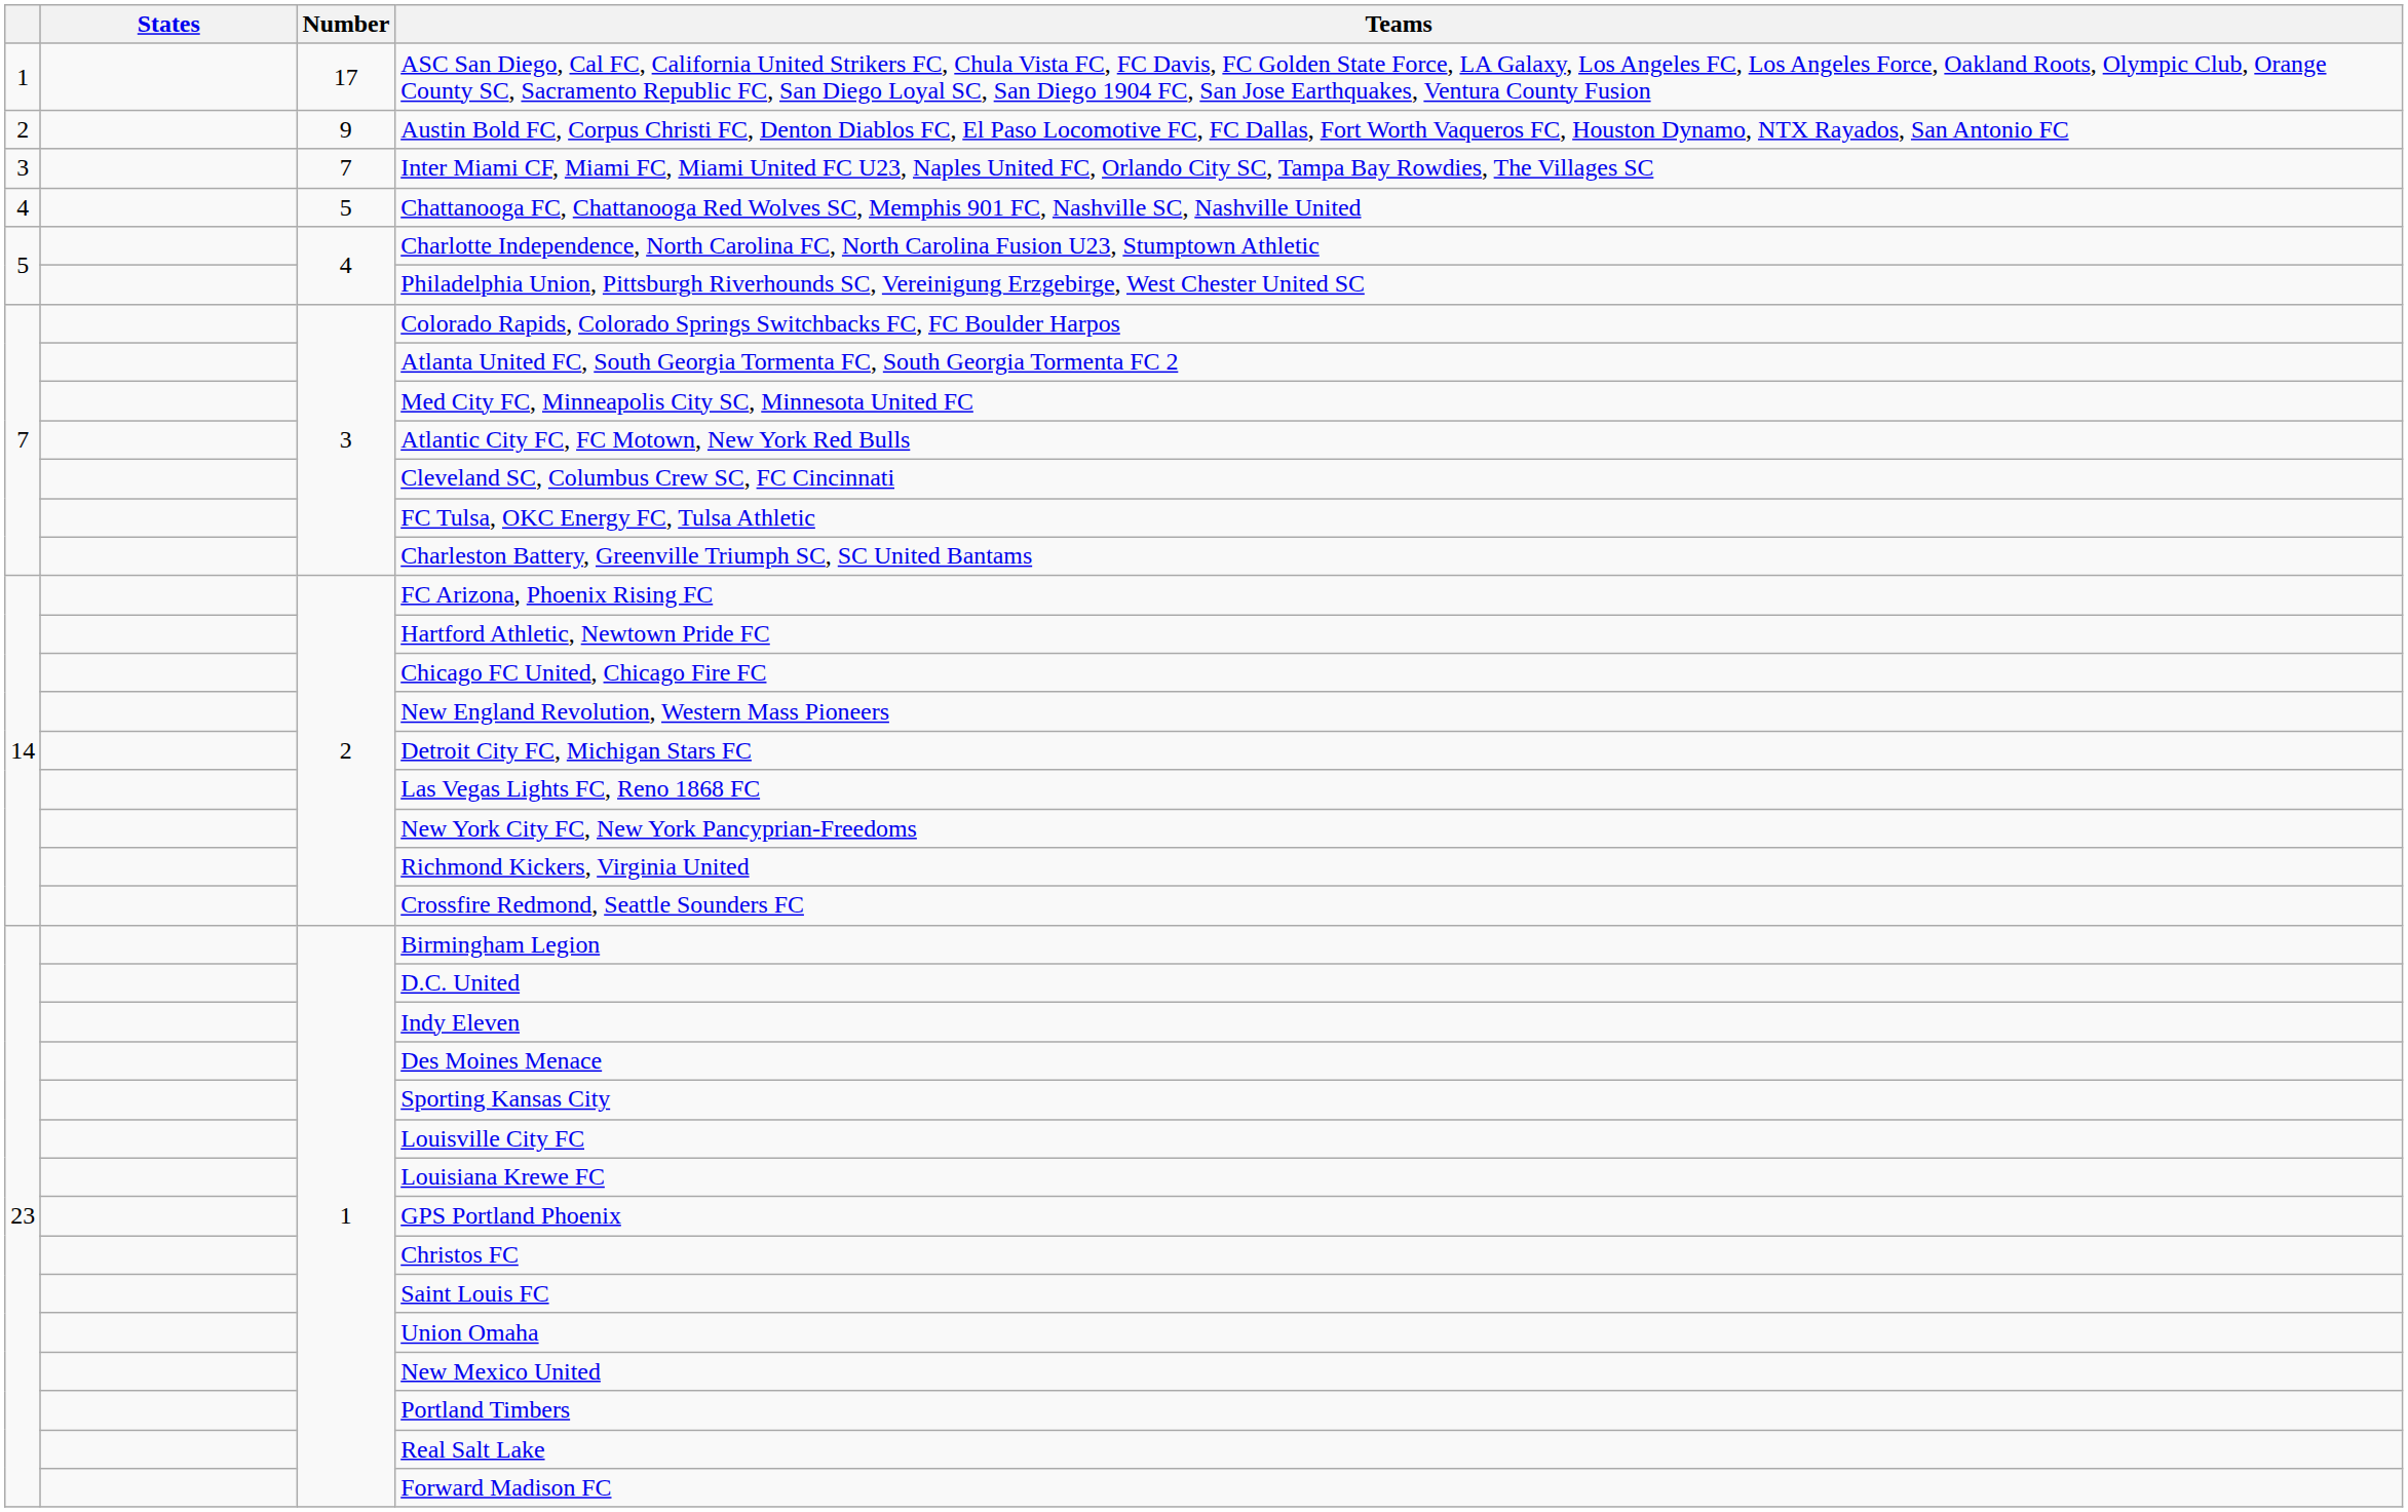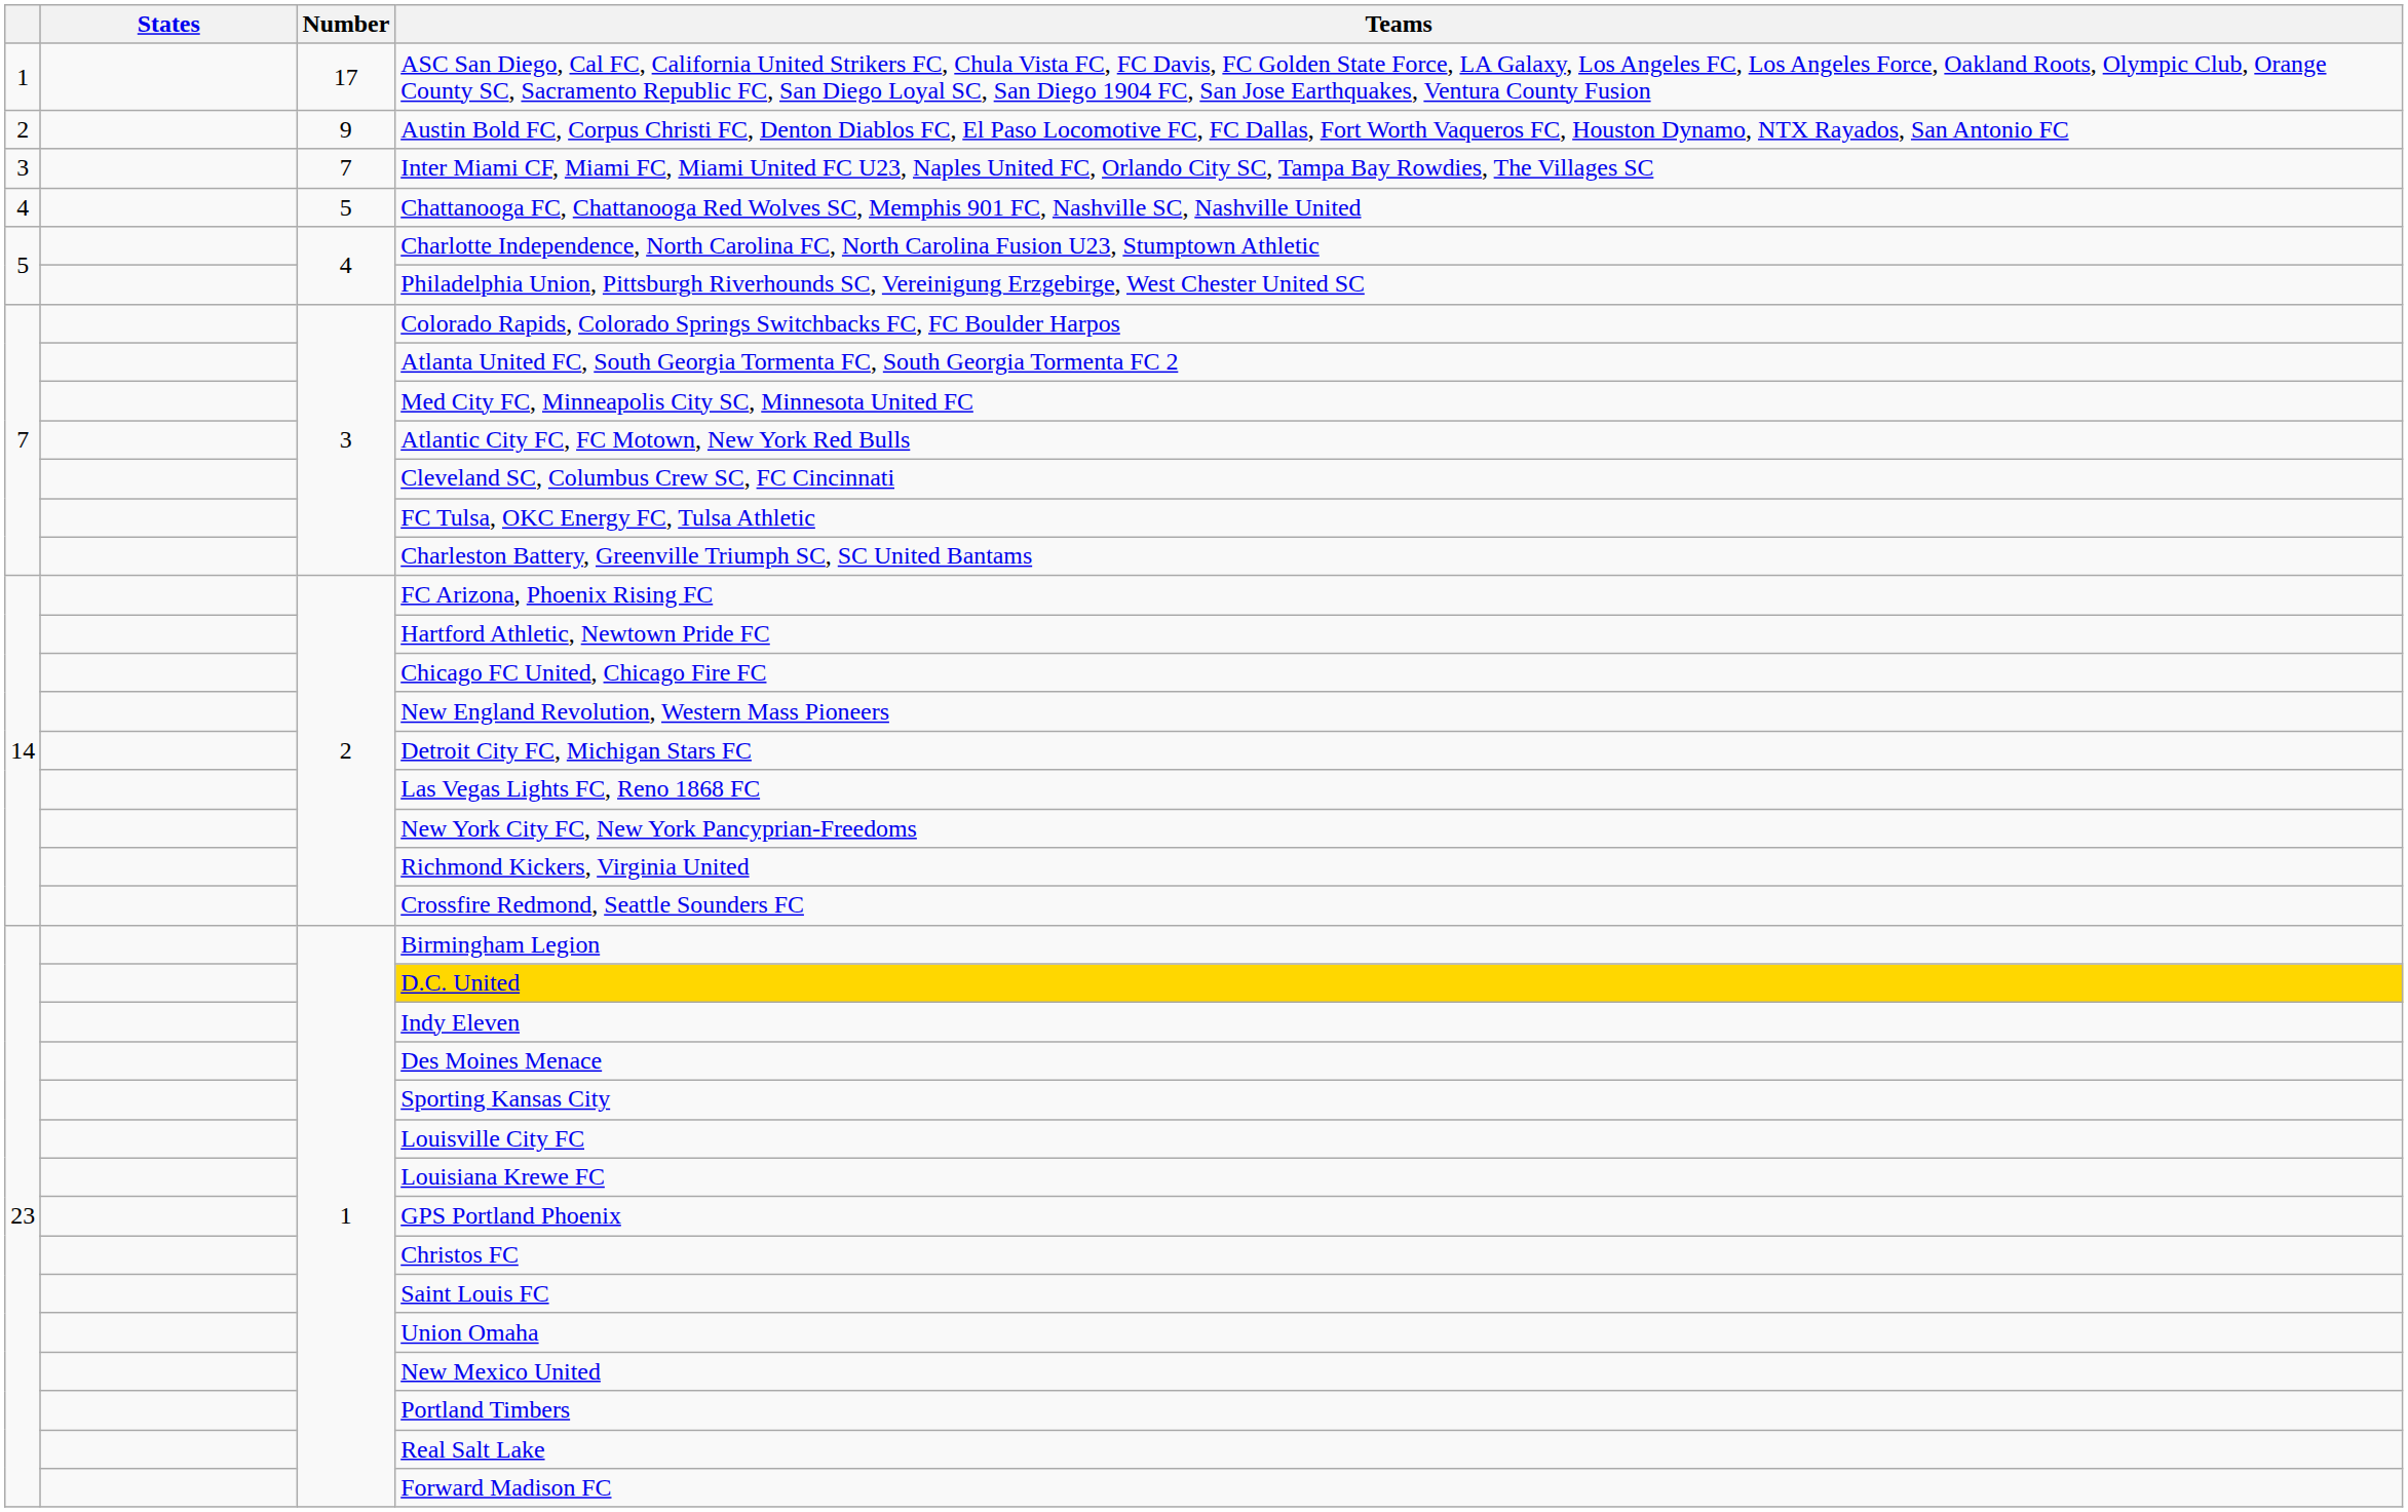 <table class="wikitable">
 <tr>
 <th></th>
 <th scope="col" style="width: 160px;"><a href='#'>States</a></th>
 <th>Number</th>
 <th>Teams</th>
 </tr>
 <tr>
 <td align=center>1</td>
 <td></td>
 <td align=center>17</td>
 <td><a href='#'>ASC San Diego</a>, <a href='#'>Cal FC</a>, <a href='#'>California United Strikers FC</a>, <a href='#'>Chula Vista FC</a>, <a href='#'>FC Davis</a>, <a href='#'>FC Golden State Force</a>, <a href='#'>LA Galaxy</a>, <a href='#'>Los Angeles FC</a>, <a href='#'>Los Angeles Force</a>, <a href='#'>Oakland Roots</a>, <a href='#'>Olympic Club</a>, <a href='#'>Orange County SC</a>, <a href='#'>Sacramento Republic FC</a>, <a href='#'>San Diego Loyal SC</a>, <a href='#'>San Diego 1904 FC</a>, <a href='#'>San Jose Earthquakes</a>, <a href='#'>Ventura County Fusion</a></td>
 </tr>
 <tr>
 <td align=center>2</td>
 <td></td>
 <td align=center>9</td>
 <td><a href='#'>Austin Bold FC</a>, <a href='#'>Corpus Christi FC</a>, <a href='#'>Denton Diablos FC</a>, <a href='#'>El Paso Locomotive FC</a>, <a href='#'>FC Dallas</a>, <a href='#'>Fort Worth Vaqueros FC</a>, <a href='#'>Houston Dynamo</a>, <a href='#'>NTX Rayados</a>, <a href='#'>San Antonio FC</a></td>
 </tr>
 <tr>
 <td align=center>3</td>
 <td></td>
 <td align=center>7</td>
 <td><a href='#'>Inter Miami CF</a>, <a href='#'>Miami FC</a>, <a href='#'>Miami United FC U23</a>, <a href='#'>Naples United FC</a>, <a href='#'>Orlando City SC</a>, <a href='#'>Tampa Bay Rowdies</a>, <a href='#'>The Villages SC</a></td>
 </tr>
 <tr>
 <td align=center>4</td>
 <td></td>
 <td align=center>5</td>
 <td><a href='#'>Chattanooga FC</a>, <a href='#'>Chattanooga Red Wolves SC</a>, <a href='#'>Memphis 901 FC</a>, <a href='#'>Nashville SC</a>, <a href='#'>Nashville United</a></td>
 </tr>
 <tr>
 <td rowspan="2" align=center>5</td>
 <td></td>
 <td rowspan="2" align=center>4</td>
 <td><a href='#'>Charlotte Independence</a>, <a href='#'>North Carolina FC</a>, <a href='#'>North Carolina Fusion U23</a>, <a href='#'>Stumptown Athletic</a></td>
 </tr>
 <tr>
 <td></td>
 <td><a href='#'>Philadelphia Union</a>, <a href='#'>Pittsburgh Riverhounds SC</a>, <a href='#'>Vereinigung Erzgebirge</a>, <a href='#'>West Chester United SC</a></td>
 </tr>
 <tr>
 <td rowspan="7" align=center>7</td>
 <td></td>
 <td rowspan="7" align=center>3</td>
 <td><a href='#'>Colorado Rapids</a>, <a href='#'>Colorado Springs Switchbacks FC</a>, <a href='#'>FC Boulder Harpos</a></td>
 </tr>
 <tr>
 <td></td>
 <td><a href='#'>Atlanta United FC</a>, <a href='#'>South Georgia Tormenta FC</a>, <a href='#'>South Georgia Tormenta FC 2</a></td>
 </tr>
 <tr>
 <td></td>
 <td><a href='#'>Med City FC</a>, <a href='#'>Minneapolis City SC</a>, <a href='#'>Minnesota United FC</a></td>
 </tr>
 <tr>
 <td></td>
 <td><a href='#'>Atlantic City FC</a>, <a href='#'>FC Motown</a>, <a href='#'>New York Red Bulls</a></td>
 </tr>
 <tr>
 <td></td>
 <td><a href='#'>Cleveland SC</a>, <a href='#'>Columbus Crew SC</a>, <a href='#'>FC Cincinnati</a></td>
 </tr>
 <tr>
 <td></td>
 <td><a href='#'>FC Tulsa</a>, <a href='#'>OKC Energy FC</a>, <a href='#'>Tulsa Athletic</a></td>
 </tr>
 <tr>
 <td></td>
 <td><a href='#'>Charleston Battery</a>, <a href='#'>Greenville Triumph SC</a>, <a href='#'>SC United Bantams</a></td>
 </tr>
 <tr>
 <td rowspan="9" align=center>14</td>
 <td></td>
 <td rowspan="9" align=center>2</td>
 <td><a href='#'>FC Arizona</a>, <a href='#'>Phoenix Rising FC</a></td>
 </tr>
 <tr>
 <td></td>
 <td><a href='#'>Hartford Athletic</a>, <a href='#'>Newtown Pride FC</a></td>
 </tr>
 <tr>
 <td></td>
 <td><a href='#'>Chicago FC United</a>, <a href='#'>Chicago Fire FC</a></td>
 </tr>
 <tr>
 <td></td>
 <td><a href='#'>New England Revolution</a>, <a href='#'>Western Mass Pioneers</a></td>
 </tr>
 <tr>
 <td></td>
 <td><a href='#'>Detroit City FC</a>, <a href='#'>Michigan Stars FC</a></td>
 </tr>
 <tr>
 <td></td>
 <td><a href='#'>Las Vegas Lights FC</a>, <a href='#'>Reno 1868 FC</a></td>
 </tr>
 <tr>
 <td></td>
 <td><a href='#'>New York City FC</a>, <a href='#'>New York Pancyprian-Freedoms</a></td>
 </tr>
 <tr>
 <td></td>
 <td><a href='#'>Richmond Kickers</a>, <a href='#'>Virginia United</a></td>
 </tr>
 <tr>
 <td></td>
 <td><a href='#'>Crossfire Redmond</a>, <a href='#'>Seattle Sounders FC</a></td>
 </tr>
 <tr>
 <td rowspan="15" align=center>23</td>
 <td></td>
 <td rowspan="15" align=center>1</td>
 <td><a href='#'>Birmingham Legion</a></td>
 </tr>
 <tr>
 <td></td>
-<td><a href='#'>D.C. United</a></td>
+<td style="background: gold;"><a href='#'>D.C. United</a></td>
 </tr>
 <tr>
 <td></td>
 <td><a href='#'>Indy Eleven</a></td>
 </tr>
 <tr>
 <td></td>
 <td><a href='#'>Des Moines Menace</a></td>
 </tr>
 <tr>
 <td></td>
 <td><a href='#'>Sporting Kansas City</a></td>
 </tr>
 <tr>
 <td></td>
 <td><a href='#'>Louisville City FC</a></td>
 </tr>
 <tr>
 <td></td>
 <td><a href='#'>Louisiana Krewe FC</a></td>
 </tr>
 <tr>
 <td></td>
 <td><a href='#'>GPS Portland Phoenix</a></td>
 </tr>
 <tr>
 <td></td>
 <td><a href='#'>Christos FC</a></td>
 </tr>
 <tr>
 <td></td>
 <td><a href='#'>Saint Louis FC</a></td>
 </tr>
 <tr>
 <td></td>
 <td><a href='#'>Union Omaha</a></td>
 </tr>
 <tr>
 <td></td>
 <td><a href='#'>New Mexico United</a></td>
 </tr>
 <tr>
 <td></td>
 <td><a href='#'>Portland Timbers</a></td>
 </tr>
 <tr>
 <td></td>
 <td><a href='#'>Real Salt Lake</a></td>
 </tr>
 <tr>
 <td></td>
 <td><a href='#'>Forward Madison FC</a></td>
 </tr>
 </table>
